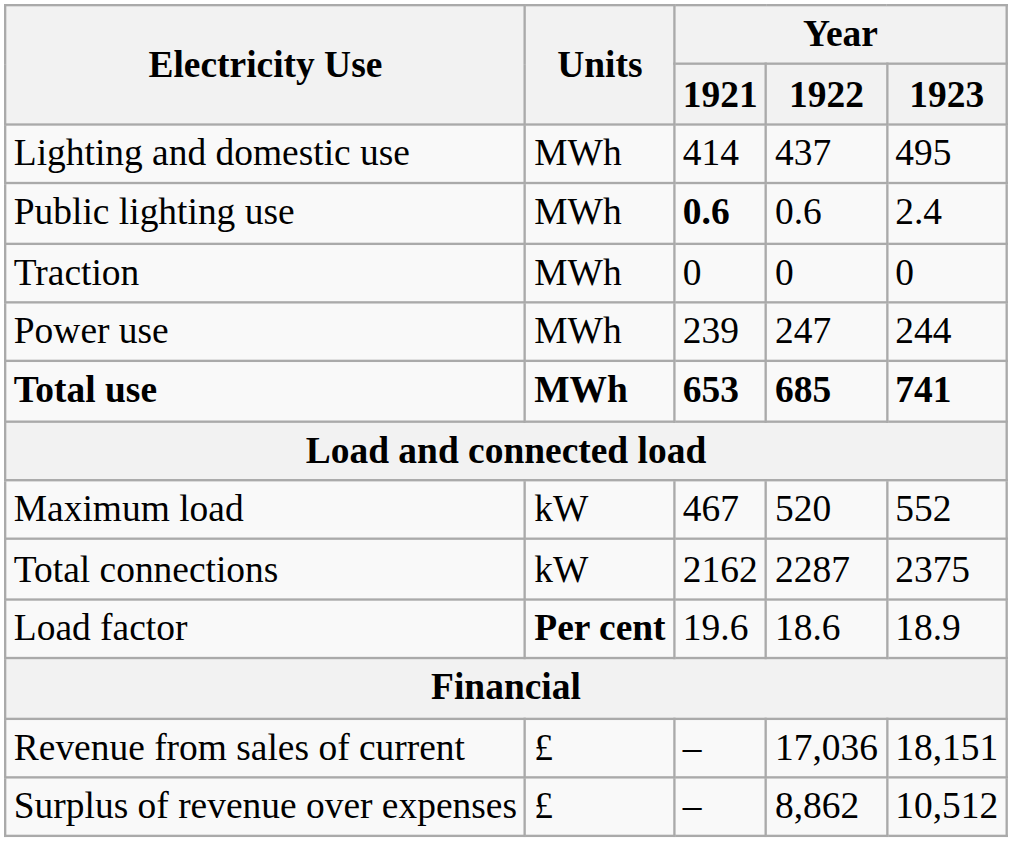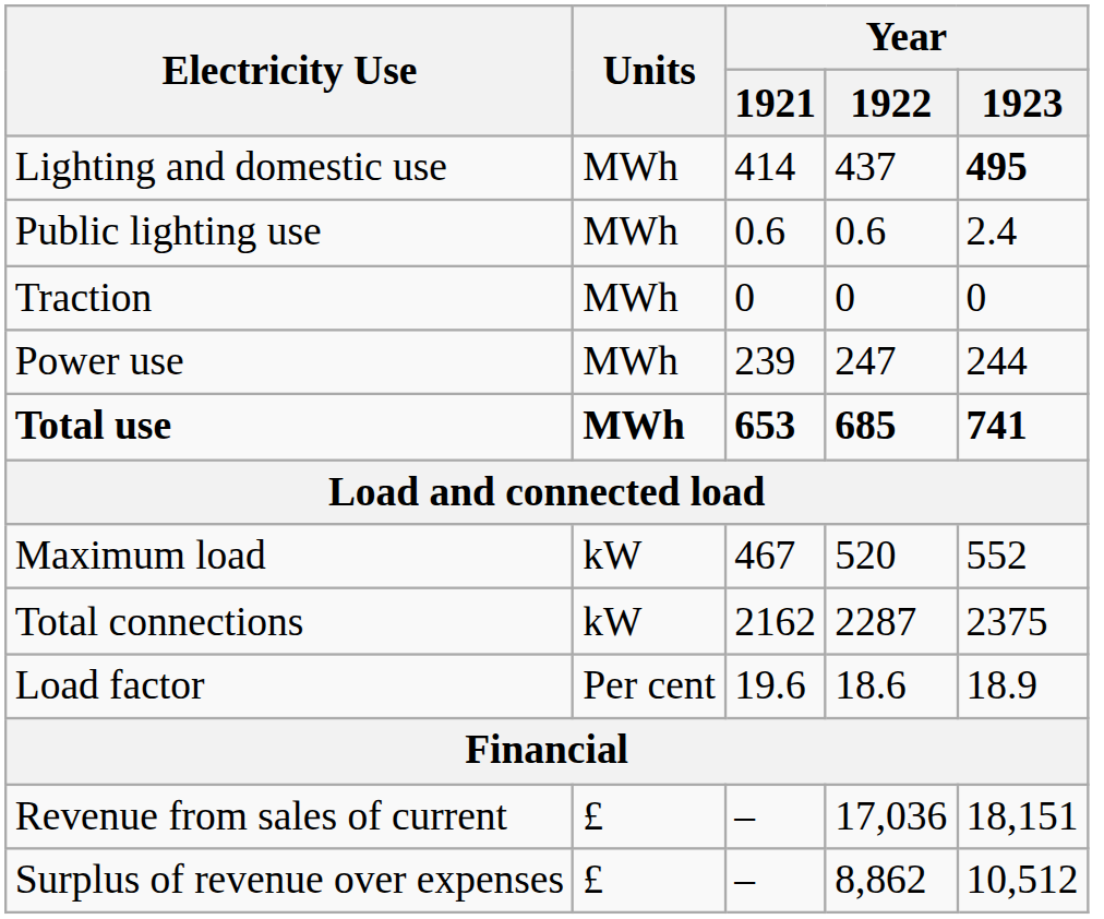 <table class="wikitable">
 <tr>
 <th rowspan="2">Electricity  Use</th>
 <th rowspan="2">Units</th>
 <th colspan="3">Year</th>
 </tr>
 <tr>
 <th>1921</th>
 <th>1922</th>
 <th>1923</th>
 </tr>
 <tr>
 <td>Lighting  and domestic use</td>
 <td>MWh</td>
 <td>414</td>
 <td>437</td>
-<td>495</td>
+<td><strong>495</strong></td>
 </tr>
 <tr>
 <td>Public  lighting use</td>
 <td>MWh</td>
-<td><strong>0.6</strong></td>
+<td>0.6</td>
 <td>0.6</td>
 <td>2.4</td>
 </tr>
 <tr>
 <td>Traction</td>
 <td>MWh</td>
 <td>0</td>
 <td>0</td>
 <td>0</td>
 </tr>
 <tr>
 <td>Power  use</td>
 <td>MWh</td>
 <td>239</td>
 <td>247</td>
 <td>244</td>
 </tr>
 <tr>
 <td><strong>Total  use</strong></td>
 <td><strong>MWh</strong></td>
 <td><strong>653</strong></td>
 <td><strong>685</strong></td>
 <td><strong>741</strong></td>
 </tr>
 <tr>
 <th colspan="5">Load  and connected load</th>
 </tr>
 <tr>
 <td>Maximum  load</td>
 <td>kW</td>
 <td>467</td>
 <td>520</td>
 <td>552</td>
 </tr>
 <tr>
 <td>Total  connections</td>
 <td>kW</td>
 <td>2162</td>
 <td>2287</td>
 <td>2375</td>
 </tr>
 <tr>
 <td>Load  factor</td>
-<td><strong>Per  cent</strong></td>
+<td>Per  cent</td>
 <td>19.6</td>
 <td>18.6</td>
 <td>18.9</td>
 </tr>
 <tr>
 <th colspan="5">Financial</th>
 </tr>
 <tr>
 <td>Revenue  from sales of current</td>
 <td>£</td>
 <td>–</td>
 <td>17,036</td>
 <td>18,151</td>
 </tr>
 <tr>
 <td>Surplus  of revenue over expenses</td>
 <td>£</td>
 <td>–</td>
 <td>8,862</td>
 <td>10,512</td>
 </tr>
 </table>
